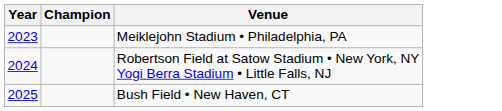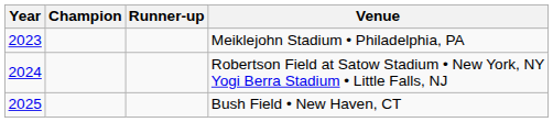 <table class="wikitable sortable">
 <tr>
 <th width=px>Year</th>
 <th width=px>Champion</th>
+<th width=px>Runner-up</th>
 <th width=px>Venue</th>
 </tr>
 <tr>
 <td><a href='#'>2023</a></td>
+<td></td>
 <td></td>
 <td>Meiklejohn Stadium • Philadelphia, PA</td>
 </tr>
 <tr>
 <td><a href='#'>2024</a></td>
 <td></td>
+<td></td>
 <td>Robertson Field at Satow Stadium • New York, NY<br><a href='#'>Yogi Berra Stadium</a> • Little Falls, NJ</td>
 </tr>
 <tr>
 <td><a href='#'>2025</a></td>
 <td></td>
+<td></td>
 <td>Bush Field • New Haven, CT</td>
 </tr>
 </table>
